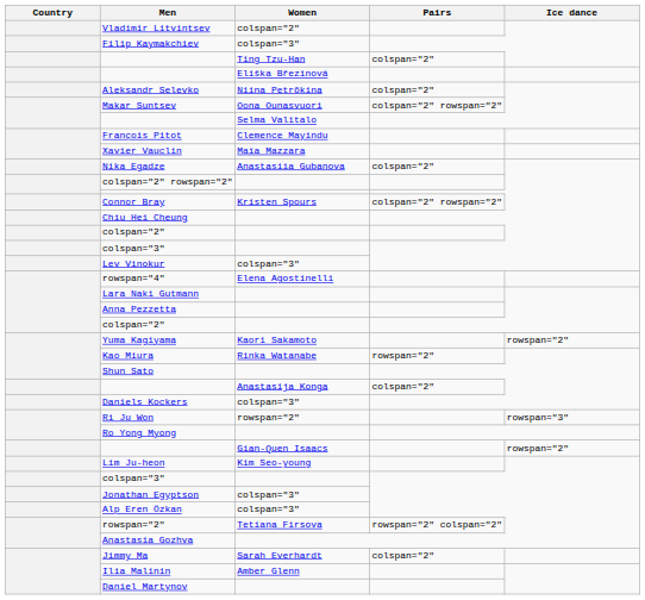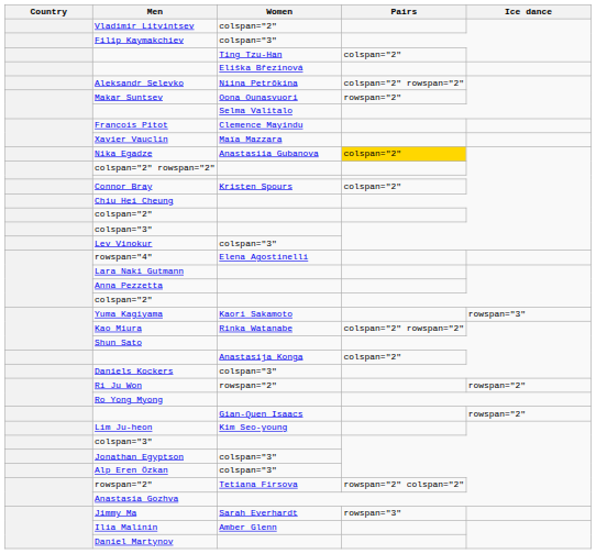 <table class="wikitable unsortable" style="text-align:left">
 <tr>
 <th scope="col" style="width:15%">Country</th>
 <th scope="col" style="width:21.25%">Men</th>
 <th scope="col" style="width:21.25%">Women</th>
 <th scope="col" style="width:21.25%">Pairs</th>
 <th scope="col" style="width:21.25%">Ice dance</th>
 </tr>
 <tr>
 <th scope="row" style="text-align:left"></th>
 <td><a href='#'>Vladimir Litvintsev</a></td>
 <td>colspan="2" </td>
 <td></td>
 </tr>
 <tr>
 <th scope="row" style="text-align:left"></th>
 <td><a href='#'>Filip Kaymakchiev</a></td>
 <td>colspan="3" </td>
 </tr>
 <tr>
 <th scope="row" style="text-align:left"></th>
 <td></td>
 <td><a href='#'>Ting Tzu-Han</a></td>
 <td>colspan="2" </td>
 </tr>
 <tr>
 <th scope="row" style="text-align:left"></th>
 <td></td>
 <td><a href='#'>Eliška Březinová</a></td>
 <td></td>
 <td></td>
 </tr>
 <tr>
 <th scope="row" style="text-align:left"></th>
 <td><a href='#'>Aleksandr Selevko</a></td>
 <td><a href='#'>Niina Petrõkina</a></td>
-<td>colspan="2" </td>
+<td>colspan="2" rowspan="2" </td>
 </tr>
 <tr>
 <th rowspan="2" scope="row" style="text-align:left"></th>
 <td><a href='#'>Makar Suntsev</a></td>
 <td><a href='#'>Oona Ounasvuori</a></td>
-<td>colspan="2" rowspan="2" </td>
+<td>rowspan="2" </td>
 </tr>
 <tr>
 <td></td>
 <td><a href='#'>Selma Valitalo</a></td>
 </tr>
 <tr>
 <th rowspan="2" scope="row" style="text-align:left"></th>
 <td><a href='#'>François Pitot</a></td>
 <td><a href='#'>Clemence Mayindu</a></td>
 <td></td>
 <td></td>
 </tr>
 <tr>
 <td><a href='#'>Xavier Vauclin</a></td>
 <td><a href='#'>Maïa Mazzara</a></td>
 <td></td>
 <td></td>
 </tr>
 <tr>
 <th scope="row" style="text-align:left"></th>
 <td><a href='#'>Nika Egadze</a></td>
 <td><a href='#'>Anastasiia Gubanova</a></td>
-<td>colspan="2" </td>
+<td style="background: gold;">colspan="2" </td>
 </tr>
 <tr>
 <th rowspan="2" scope="row" style="text-align:left"></th>
 <td>colspan="2" rowspan="2" </td>
 <td></td>
 <td></td>
 </tr>
 <tr>
 <td></td>
 <td></td>
 </tr>
 <tr>
 <th scope="row" style="text-align:left"></th>
 <td><a href='#'>Connor Bray</a></td>
 <td><a href='#'>Kristen Spours</a></td>
-<td>colspan="2" rowspan="2" </td>
+<td>colspan="2" </td>
 </tr>
 <tr>
 <th scope="row" style="text-align:left"></th>
 <td><a href='#'>Chiu Hei Cheung</a></td>
 <td></td>
 </tr>
 <tr>
 <th scope="row" style="text-align:left"></th>
 <td>colspan="2" </td>
 <td></td>
 <td></td>
 </tr>
 <tr>
 <th scope="row" style="text-align:left"></th>
 <td>colspan="3" </td>
 <td></td>
 </tr>
 <tr>
 <th scope="row" style="text-align:left"></th>
 <td><a href='#'>Lev Vinokur</a></td>
 <td>colspan="3" </td>
 </tr>
 <tr>
 <th rowspan="4" scope="row" style="text-align:left"></th>
 <td>rowspan="4" </td>
 <td><a href='#'>Elena Agostinelli</a></td>
 <td></td>
 <td></td>
 </tr>
 <tr>
 <td><a href='#'>Lara Naki Gutmann</a></td>
 <td></td>
 <td></td>
 </tr>
 <tr>
 <td><a href='#'>Anna Pezzetta</a></td>
 <td></td>
 <td></td>
 </tr>
 <tr>
 <td>colspan="2" </td>
 <td></td>
 </tr>
 <tr>
 <th rowspan="3" scope="row" style="text-align:left"></th>
 <td><a href='#'>Yuma Kagiyama</a></td>
 <td><a href='#'>Kaori Sakamoto</a></td>
 <td></td>
-<td>rowspan="2" </td>
+<td>rowspan="3" </td>
 </tr>
 <tr>
 <td><a href='#'>Kao Miura</a></td>
 <td><a href='#'>Rinka Watanabe</a></td>
-<td>rowspan="2" </td>
+<td>colspan="2" rowspan="2" </td>
 </tr>
 <tr>
 <td><a href='#'>Shun Sato</a></td>
 <td></td>
 </tr>
 <tr>
 <th scope="row" style="text-align:left"></th>
 <td></td>
 <td><a href='#'>Anastasija Konga</a></td>
 <td>colspan="2" </td>
 </tr>
 <tr>
 <th scope="row" style="text-align:left"></th>
 <td><a href='#'>Daniels Kockers</a></td>
 <td>colspan="3" </td>
 </tr>
 <tr>
 <th rowspan="2" scope="row" style="text-align:left"></th>
 <td><a href='#'>Ri Ju Won</a></td>
 <td>rowspan="2" </td>
 <td></td>
-<td>rowspan="3" </td>
+<td>rowspan="2" </td>
 </tr>
 <tr>
 <td><a href='#'>Ro Yong Myong</a></td>
 <td></td>
 </tr>
 <tr>
 <th scope="row" style="text-align:left"></th>
 <td></td>
 <td><a href='#'>Gian-Quen Isaacs</a></td>
 <td></td>
 <td>rowspan="2" </td>
 </tr>
 <tr>
 <th scope="row" style="text-align:left"></th>
 <td><a href='#'>Lim Ju-heon</a></td>
 <td><a href='#'>Kim Seo-young</a></td>
 <td></td>
 </tr>
 <tr>
 <th scope="row" style="text-align:left"></th>
 <td>colspan="3" </td>
 <td></td>
 </tr>
 <tr>
 <th scope="row" style="text-align:left"></th>
 <td><a href='#'>Jonathan Egyptson</a></td>
 <td>colspan="3" </td>
 </tr>
 <tr>
 <th scope="row" style="text-align:left"></th>
 <td><a href='#'>Alp Eren Özkan</a></td>
 <td>colspan="3" </td>
 </tr>
 <tr>
 <th rowspan="2" scope="row" style="text-align:left"></th>
 <td>rowspan="2" </td>
 <td><a href='#'>Tetiana Firsova</a></td>
 <td>rowspan="2" colspan="2" </td>
 </tr>
 <tr>
 <td><a href='#'>Anastasia Gozhva</a></td>
 </tr>
 <tr>
 <th rowspan="3" scope="row" style="text-align:left"></th>
 <td><a href='#'>Jimmy Ma</a></td>
 <td><a href='#'>Sarah Everhardt</a></td>
-<td>colspan="2" </td>
+<td>rowspan="3" </td>
 <td></td>
 </tr>
 <tr>
 <td><a href='#'>Ilia Malinin</a></td>
 <td><a href='#'>Amber Glenn</a></td>
 <td></td>
 </tr>
 <tr>
 <td><a href='#'>Daniel Martynov</a></td>
 <td></td>
 <td></td>
 </tr>
 </table>
